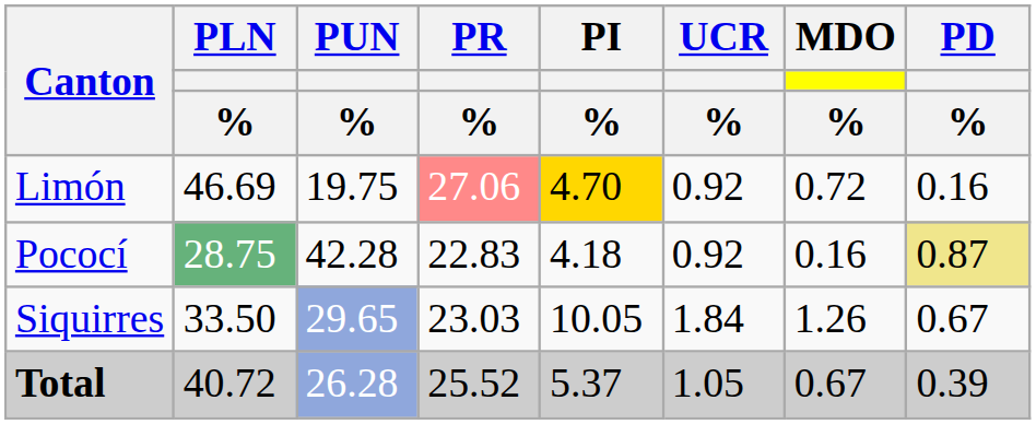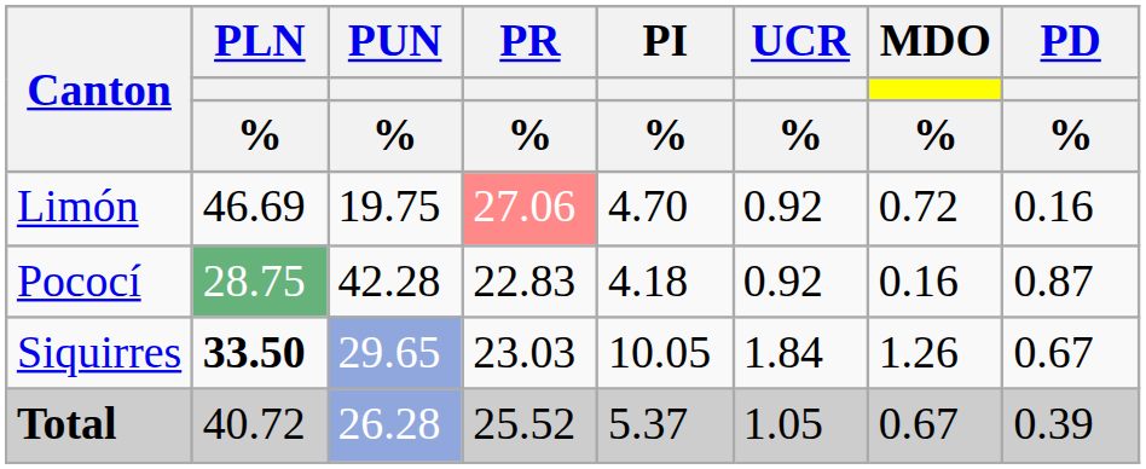 <table class="wikitable mw-collapsible mw-collapsed">
 <tr>
 <th rowspan="3"><a href='#'>Canton</a></th>
 <th colspan="1" width="40px"><a href='#'>PLN</a></th>
 <th colspan="1" width="40px"><a href='#'>PUN</a></th>
 <th colspan="1" width="40px"><a href='#'>PR</a></th>
 <th colspan="1" width="40px">PI</th>
 <th colspan="1" width="40px"><a href='#'>UCR</a></th>
 <th colspan="1" width="40px">MDO</th>
 <th colspan="1" width="40px"><a href='#'>PD</a></th>
 </tr>
 <tr>
 <th style="background:"></th>
 <th style="background:"></th>
 <th style="background:"></th>
 <th style="background:"></th>
 <th style="background:"></th>
 <th style="background:yellow"></th>
 <th style="background:"></th>
 </tr>
 <tr>
 <th data-sort-type="number">%</th>
 <th data-sort-type="number">%</th>
 <th data-sort-type="number">%</th>
 <th data-sort-type="number">%</th>
 <th data-sort-type="number">%</th>
 <th data-sort-type="number">%</th>
 <th data-sort-type="number">%</th>
 </tr>
 <tr>
 <td align="left"><a href='#'>Limón</a></td>
 <td style="background:">46.69</td>
 <td>19.75</td>
 <td style="background:#ff8989; color:white;">27.06</td>
-<td style="background: gold;">4.70</td>
+<td>4.70</td>
 <td>0.92</td>
 <td>0.72</td>
 <td>0.16</td>
 </tr>
 <tr>
 <td align="left"><a href='#'>Pococí</a></td>
 <td style="background:#66B27B; color:white;">28.75</td>
 <td style="background:">42.28</td>
 <td>22.83</td>
 <td>4.18</td>
 <td>0.92</td>
 <td>0.16</td>
-<td style="background: khaki;">0.87</td>
+<td>0.87</td>
 </tr>
 <tr>
 <td align="left"><a href='#'>Siquirres</a></td>
-<td style="background:">33.50</td>
+<td style="background:"><strong>33.50</strong></td>
 <td style="background:#8fa7dc; color:white;">29.65</td>
 <td>23.03</td>
 <td>10.05</td>
 <td>1.84</td>
 <td>1.26</td>
 <td>0.67</td>
 </tr>
 <tr style="background:#CDCDCD;">
 <td align="left"><strong>Total</strong></td>
 <td style="background:">40.72</td>
 <td style="background:#8fa7dc; color:white;">26.28</td>
 <td>25.52</td>
 <td>5.37</td>
 <td>1.05</td>
 <td>0.67</td>
 <td>0.39</td>
 </tr>
 </table>
